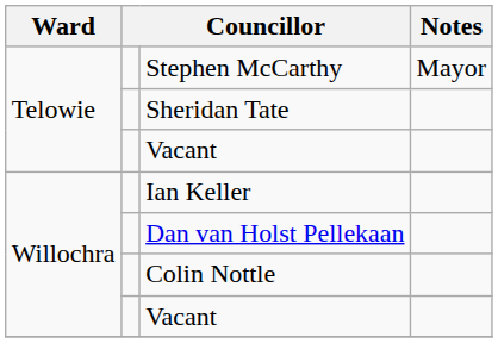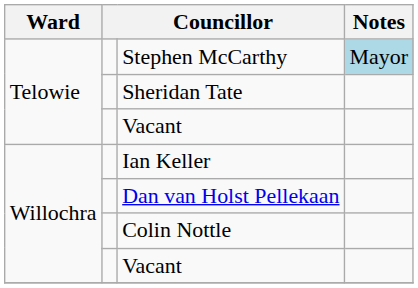 <table class="wikitable">
 <tr>
 <th>Ward</th>
 <th colspan="2">Councillor</th>
 <th>Notes</th>
 </tr>
 <tr>
 <td rowspan="3">Telowie</td>
 <td> </td>
 <td>Stephen McCarthy</td>
-<td>Mayor</td>
+<td style="background: lightblue;">Mayor</td>
 </tr>
 <tr>
 <td> </td>
 <td>Sheridan Tate</td>
 <td></td>
 </tr>
 <tr>
 <td> </td>
 <td>Vacant</td>
 <td></td>
 </tr>
 <tr>
 <td rowspan="4">Willochra</td>
 <td> </td>
 <td>Ian Keller</td>
 <td></td>
 </tr>
 <tr>
 <td> </td>
 <td><a href='#'>Dan van Holst Pellekaan</a></td>
 <td></td>
 </tr>
 <tr>
 <td> </td>
 <td>Colin Nottle</td>
 <td></td>
 </tr>
 <tr>
 <td> </td>
 <td>Vacant</td>
 <td></td>
 </tr>
 <tr>
 </tr>
 </table>
